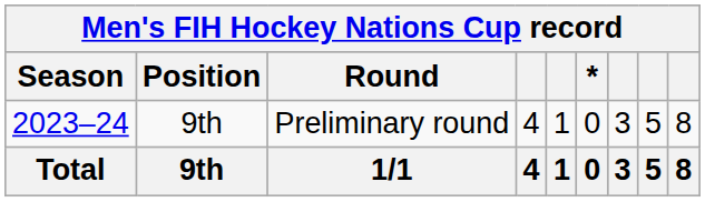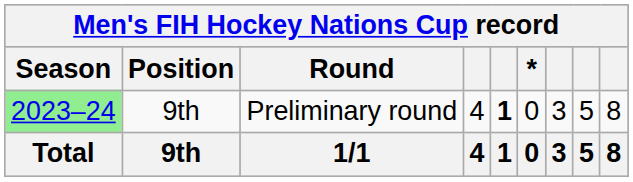 <table class="wikitable" style="text-align: center;">
 <tr>
 <th colspan=9><a href='#'>Men's FIH Hockey Nations Cup</a> record</th>
 </tr>
 <tr>
 <th>Season</th>
 <th>Position</th>
 <th>Round</th>
 <th></th>
 <th></th>
 <th> *</th>
 <th></th>
 <th></th>
 <th></th>
 </tr>
 <tr>
-<td><a href='#'>2023–24</a></td>
+<td style="background: lightgreen;"><a href='#'>2023–24</a></td>
 <td>9th</td>
 <td>Preliminary round</td>
 <td>4</td>
-<td>1</td>
+<td><strong>1</strong></td>
 <td>0</td>
 <td>3</td>
 <td>5</td>
 <td>8</td>
 </tr>
 <tr>
 <th>Total</th>
 <th>9th</th>
 <th>1/1</th>
 <th>4</th>
 <th>1</th>
 <th>0</th>
 <th>3</th>
 <th>5</th>
 <th>8</th>
 </tr>
 </table>
